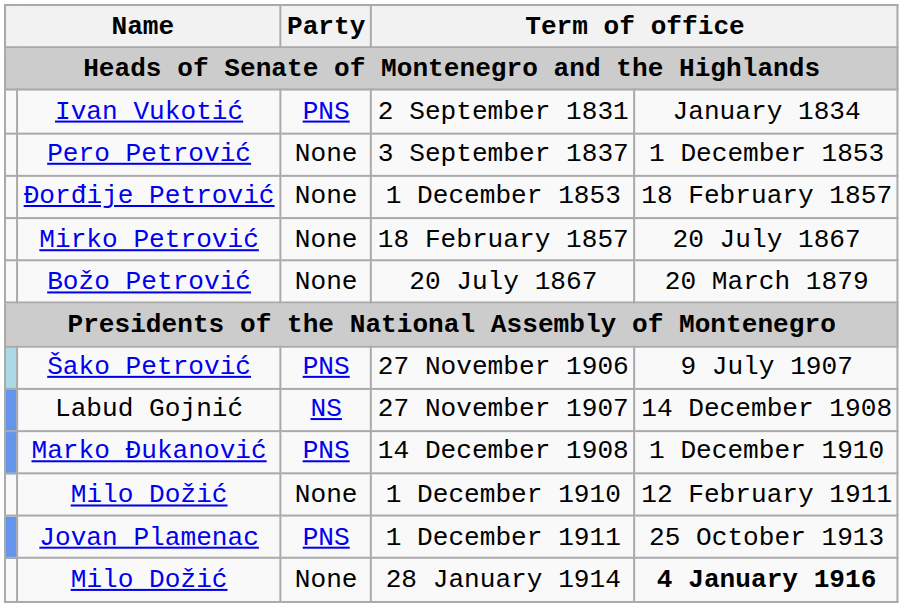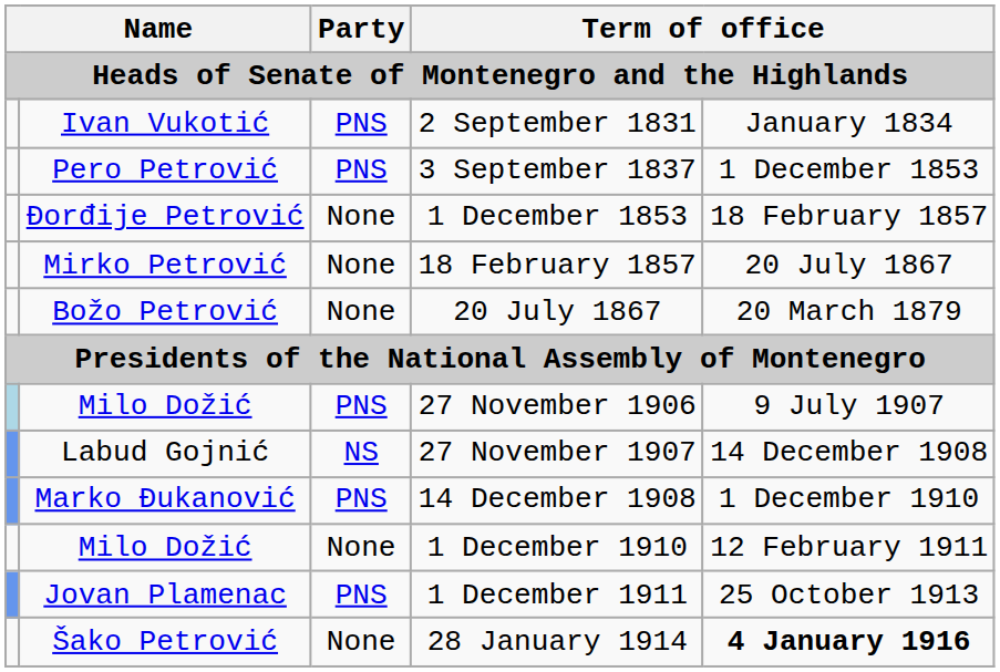 <table class="wikitable" style="text-align:center">
 <tr>
 <th colspan=2>Name</th>
 <th>Party</th>
 <th colspan=2>Term of office</th>
 </tr>
 <tr>
 <td colspan="6" bgcolor="cccccc"><strong>Heads of Senate of Montenegro and the Highlands</strong></td>
 </tr>
 <tr>
 <td style="background:"></td>
 <td><a href='#'>Ivan Vukotić</a></td>
 <td><a href='#'>PNS</a></td>
 <td>2 September 1831</td>
 <td>January 1834</td>
 </tr>
 <tr>
 <td style="background:"></td>
 <td><a href='#'>Pero Petrović</a></td>
-<td>None</td>
+<td><a href='#'>PNS</a></td>
 <td>3 September 1837</td>
 <td>1 December 1853</td>
 </tr>
 <tr>
 <td style="background:"></td>
 <td><a href='#'>Đorđije Petrović</a></td>
 <td>None</td>
 <td>1 December 1853</td>
 <td>18 February 1857</td>
 </tr>
 <tr>
 <td style="background:"></td>
 <td><a href='#'>Mirko Petrović</a></td>
 <td>None</td>
 <td>18 February 1857</td>
 <td>20 July 1867</td>
 </tr>
 <tr>
 <td style="background:"></td>
 <td><a href='#'>Božo Petrović</a></td>
 <td>None</td>
 <td>20 July 1867</td>
 <td>20 March 1879</td>
 </tr>
 <tr>
 <td colspan="6" bgcolor="cccccc"><strong>Presidents of the National Assembly of Montenegro</strong></td>
 </tr>
 <tr>
 <td style="background:lightblue;"></td>
-<td><a href='#'>Šako Petrović</a></td>
+<td><a href='#'>Milo Dožić</a></td>
 <td><a href='#'>PNS</a></td>
 <td>27 November 1906</td>
 <td>9 July 1907</td>
 </tr>
 <tr>
 <td style="background:#6495ED;"></td>
 <td>Labud Gojnić</td>
 <td><a href='#'>NS</a></td>
 <td>27 November 1907</td>
 <td>14 December 1908</td>
 </tr>
 <tr>
 <td style="background:#6495ED;"></td>
 <td><a href='#'>Marko Đukanović</a></td>
 <td><a href='#'>PNS</a></td>
 <td>14 December 1908</td>
 <td>1 December 1910</td>
 </tr>
 <tr>
 <td style="background:"></td>
 <td><a href='#'>Milo Dožić</a></td>
 <td>None</td>
 <td>1 December 1910</td>
 <td>12 February 1911</td>
 </tr>
 <tr>
 <td style="background:#6495ED;"></td>
 <td><a href='#'>Jovan Plamenac</a></td>
 <td><a href='#'>PNS</a></td>
 <td>1 December 1911</td>
 <td>25 October 1913</td>
 </tr>
 <tr>
 <td style="background:"></td>
-<td><a href='#'>Milo Dožić</a></td>
+<td><a href='#'>Šako Petrović</a></td>
 <td>None</td>
 <td>28 January 1914</td>
 <td><strong>4 January 1916</strong></td>
 </tr>
 </table>
